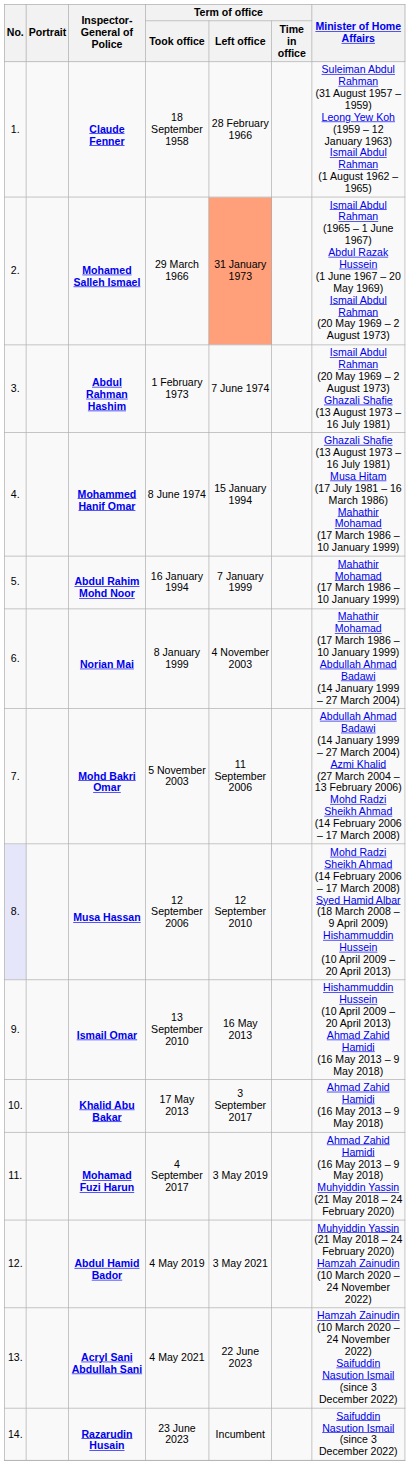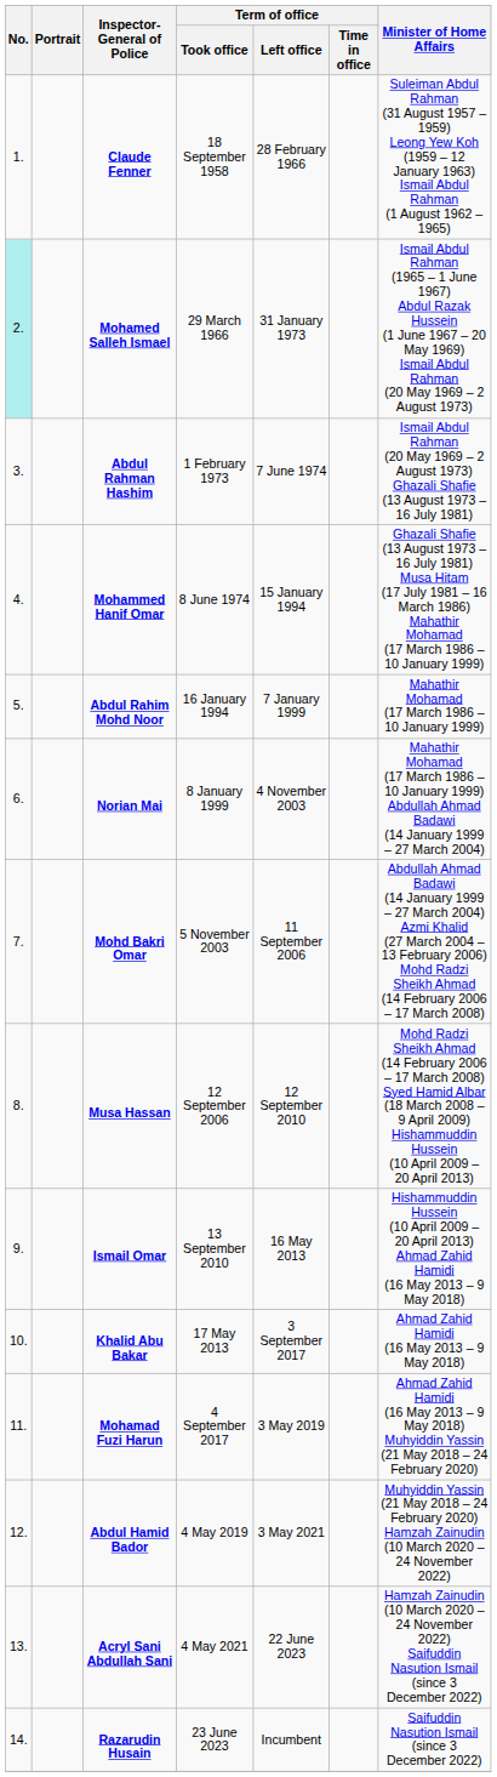 <table class="wikitable" style="text-align:center;">
 <tr style="background:#cccccc">
 <th rowspan=2>No.</th>
 <th rowspan=2>Portrait</th>
 <th rowspan=2>Inspector-General of Police</th>
 <th colspan=3>Term of office</th>
 <th rowspan=2><a href='#'>Minister of Home Affairs</a></th>
 </tr>
 <tr>
 <th>Took office</th>
 <th>Left office</th>
 <th>Time in office</th>
 </tr>
 <tr>
 <td>1.</td>
 <td></td>
 <td><br><strong><a href='#'>Claude Fenner</a></strong><br></td>
 <td>18 September 1958</td>
 <td>28 February 1966</td>
 <td></td>
 <td><a href='#'>Suleiman Abdul Rahman</a><br>(31 August 1957 – 1959)<br><a href='#'>Leong Yew Koh</a><br>(1959 – 12 January 1963)<br><a href='#'>Ismail Abdul Rahman</a><br>(1 August 1962 – 1965)</td>
 </tr>
 <tr>
-<td>2.</td>
+<td style="background: paleturquoise;">2.</td>
 <td></td>
 <td><br><strong><a href='#'>Mohamed Salleh Ismael</a></strong><br></td>
 <td>29 March 1966</td>
-<td style="background: lightsalmon;">31 January 1973</td>
+<td>31 January 1973</td>
 <td></td>
 <td><a href='#'>Ismail Abdul Rahman</a><br>(1965 – 1 June 1967)<br><a href='#'>Abdul Razak Hussein</a><br>(1 June 1967 – 20 May 1969)<br><a href='#'>Ismail Abdul Rahman</a><br>(20 May 1969 – 2 August 1973)</td>
 </tr>
 <tr>
 <td>3.</td>
 <td></td>
 <td><br><strong><a href='#'>Abdul Rahman Hashim</a></strong><br></td>
 <td>1 February 1973</td>
 <td>7 June 1974</td>
 <td></td>
 <td><a href='#'>Ismail Abdul Rahman</a><br>(20 May 1969 – 2 August 1973)<br><a href='#'>Ghazali Shafie</a><br>(13 August 1973 – 16 July 1981)</td>
 </tr>
 <tr>
 <td>4.</td>
 <td></td>
 <td><br><strong><a href='#'>Mohammed Hanif Omar</a></strong><br></td>
 <td>8 June 1974</td>
 <td>15 January 1994</td>
 <td></td>
 <td><a href='#'>Ghazali Shafie</a><br>(13 August 1973 – 16 July 1981)<br><a href='#'>Musa Hitam</a><br>(17 July 1981 – 16 March 1986)<br><a href='#'>Mahathir Mohamad</a><br>(17 March 1986 – 10 January 1999)</td>
 </tr>
 <tr>
 <td>5.</td>
 <td></td>
 <td><br><strong><a href='#'>Abdul Rahim Mohd Noor</a></strong><br></td>
 <td>16 January 1994</td>
 <td>7 January 1999</td>
 <td></td>
 <td><a href='#'>Mahathir Mohamad</a><br>(17 March 1986 – 10 January 1999)</td>
 </tr>
 <tr>
 <td>6.</td>
 <td></td>
 <td><br><strong><a href='#'>Norian Mai</a></strong><br></td>
 <td>8 January 1999</td>
 <td>4 November 2003</td>
 <td></td>
 <td><a href='#'>Mahathir Mohamad</a><br>(17 March 1986 – 10 January 1999)<br><a href='#'>Abdullah Ahmad Badawi</a><br>(14 January 1999 – 27 March 2004)</td>
 </tr>
 <tr>
 <td>7.</td>
 <td></td>
 <td><br><strong><a href='#'>Mohd Bakri Omar</a></strong><br></td>
 <td>5 November 2003</td>
 <td>11 September 2006</td>
 <td></td>
 <td><a href='#'>Abdullah Ahmad Badawi</a><br>(14 January 1999 – 27 March 2004)<br><a href='#'>Azmi Khalid</a><br>(27 March 2004 – 13 February 2006)<br><a href='#'>Mohd Radzi Sheikh Ahmad</a><br>(14 February 2006 – 17 March 2008)</td>
 </tr>
 <tr>
-<td style="background: lavender;">8.</td>
+<td>8.</td>
 <td></td>
 <td><br><strong><a href='#'>Musa Hassan</a></strong><br></td>
 <td>12 September 2006</td>
 <td>12 September 2010</td>
 <td></td>
 <td><a href='#'>Mohd Radzi Sheikh Ahmad</a><br>(14 February 2006 – 17 March 2008)<br><a href='#'>Syed Hamid Albar</a><br>(18 March 2008 – 9 April 2009)<br><a href='#'>Hishammuddin Hussein</a><br>(10 April 2009 – 20 April 2013)</td>
 </tr>
 <tr>
 <td>9.</td>
 <td></td>
 <td><br><strong><a href='#'>Ismail Omar</a></strong><br></td>
 <td>13 September 2010</td>
 <td>16 May 2013</td>
 <td></td>
 <td><a href='#'>Hishammuddin Hussein</a><br>(10 April 2009 – 20 April 2013)<br><a href='#'>Ahmad Zahid Hamidi</a><br>(16 May 2013 – 9 May 2018)</td>
 </tr>
 <tr>
 <td>10.</td>
 <td></td>
 <td><br><strong><a href='#'>Khalid Abu Bakar</a></strong><br></td>
 <td>17 May 2013</td>
 <td>3 September 2017</td>
 <td></td>
 <td><a href='#'>Ahmad Zahid Hamidi</a><br>(16 May 2013 – 9 May 2018)</td>
 </tr>
 <tr>
 <td>11.</td>
 <td></td>
 <td><br><strong><a href='#'>Mohamad Fuzi Harun</a></strong><br></td>
 <td>4 September 2017</td>
 <td>3 May 2019</td>
 <td></td>
 <td><a href='#'>Ahmad Zahid Hamidi</a><br>(16 May 2013 – 9 May 2018)<br><a href='#'>Muhyiddin Yassin</a><br>(21 May 2018 – 24 February 2020)</td>
 </tr>
 <tr>
 <td>12.</td>
 <td></td>
 <td><br><strong><a href='#'>Abdul Hamid Bador</a></strong><br></td>
 <td>4 May 2019</td>
 <td>3 May 2021</td>
 <td></td>
 <td><a href='#'>Muhyiddin Yassin</a><br>(21 May 2018 – 24 February 2020)<br><a href='#'>Hamzah Zainudin</a><br>(10 March 2020 – 24 November 2022)</td>
 </tr>
 <tr>
 <td>13.</td>
 <td></td>
 <td><br><strong><a href='#'>Acryl Sani Abdullah Sani</a></strong><br></td>
 <td>4 May 2021</td>
 <td>22 June 2023</td>
 <td></td>
 <td><a href='#'>Hamzah Zainudin</a><br>(10 March 2020 – 24 November 2022)<br><a href='#'>Saifuddin Nasution Ismail</a><br>(since 3 December 2022)</td>
 </tr>
 <tr>
 <td>14.</td>
 <td></td>
 <td><br><strong><a href='#'>Razarudin Husain</a></strong><br></td>
 <td>23 June 2023</td>
 <td>Incumbent</td>
 <td></td>
 <td><a href='#'>Saifuddin Nasution Ismail</a><br>(since 3 December 2022)</td>
 </tr>
 <tr>
 </tr>
 </table>
